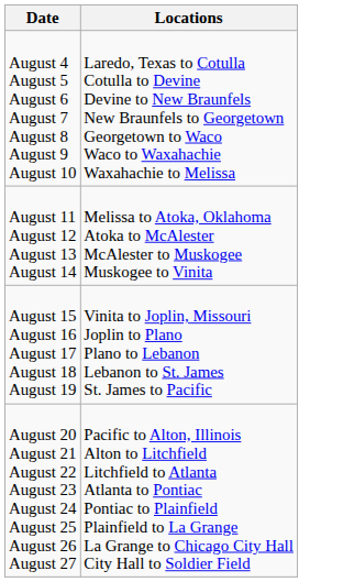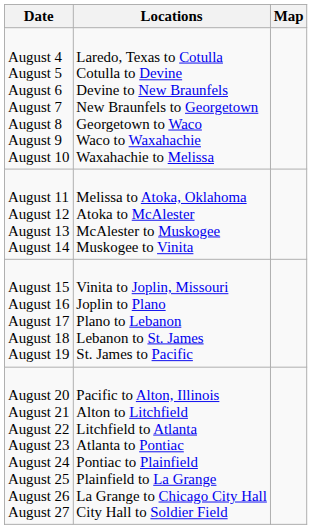 <table class="wikitable">
 <tr>
 <th>Date</th>
 <th>Locations</th>
+<th>Map</th>
 </tr>
 <tr>
 <td><br>August 4<br> August 5<br> August 6<br> August 7<br> August 8<br> August 9<br> August 10</td>
 <td><br>Laredo, Texas to <a href='#'>Cotulla</a><br> Cotulla to <a href='#'>Devine</a><br> Devine to <a href='#'>New Braunfels</a><br> New Braunfels to <a href='#'>Georgetown</a><br> Georgetown to <a href='#'>Waco</a><br> Waco to <a href='#'>Waxahachie</a><br> Waxahachie to <a href='#'>Melissa</a></td>
+<td></td>
 </tr>
 <tr>
 <td><br>August 11<br> August 12<br> August 13<br> August 14</td>
 <td><br>Melissa to <a href='#'>Atoka, Oklahoma</a><br> Atoka to <a href='#'>McAlester</a><br> McAlester to <a href='#'>Muskogee</a><br> Muskogee to <a href='#'>Vinita</a></td>
+<td></td>
 </tr>
 <tr>
 <td><br>August 15<br> August 16<br> August 17<br> August 18<br> August 19</td>
 <td><br>Vinita to <a href='#'>Joplin, Missouri</a><br> Joplin to <a href='#'>Plano</a><br> Plano to <a href='#'>Lebanon</a><br> Lebanon to <a href='#'>St. James</a><br> St. James to <a href='#'>Pacific</a></td>
+<td></td>
 </tr>
 <tr>
 <td><br>August 20<br> August 21<br> August 22<br> August 23<br> August 24<br> August 25<br> August 26<br> August 27<br></td>
 <td><br>Pacific to <a href='#'>Alton, Illinois</a><br> Alton to <a href='#'>Litchfield</a><br> Litchfield to <a href='#'>Atlanta</a><br> Atlanta to <a href='#'>Pontiac</a><br> Pontiac to <a href='#'>Plainfield</a><br> Plainfield to <a href='#'>La Grange</a><br> La Grange to <a href='#'>Chicago City Hall</a><br> City Hall to <a href='#'>Soldier Field</a></td>
+<td></td>
 </tr>
 </table>
